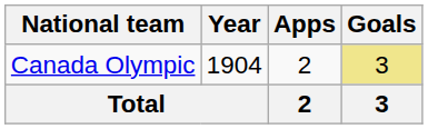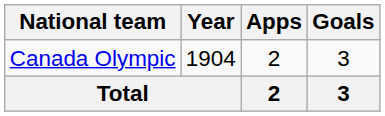 <table class="wikitable" style="text-align:center">
 <tr>
 <th>National team</th>
 <th>Year</th>
 <th>Apps</th>
 <th>Goals</th>
 </tr>
 <tr>
 <td><a href='#'>Canada Olympic</a></td>
 <td>1904</td>
 <td>2</td>
-<td style="background: khaki;">3</td>
+<td>3</td>
 </tr>
 <tr>
 <th colspan="2">Total</th>
 <th>2</th>
 <th>3</th>
 </tr>
 </table>
